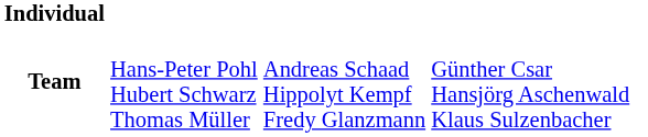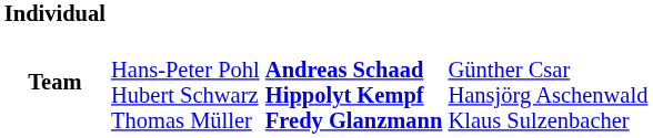 <table>
 <tr>
 <th scope="row">Individual <br></th>
 <td></td>
 <td></td>
 <td></td>
 </tr>
 <tr>
 <th scope="row">Team <br></th>
 <td><br><a href='#'>Hans-Peter Pohl</a><br><a href='#'>Hubert Schwarz</a><br><a href='#'>Thomas Müller</a></td>
-<td><br><a href='#'>Andreas Schaad</a><br><a href='#'>Hippolyt Kempf</a><br><a href='#'>Fredy Glanzmann</a></td>
+<td><strong><br><a href='#'>Andreas Schaad</a><br><a href='#'>Hippolyt Kempf</a><br><a href='#'>Fredy Glanzmann</a></strong></td>
 <td><br><a href='#'>Günther Csar</a><br><a href='#'>Hansjörg Aschenwald</a><br><a href='#'>Klaus Sulzenbacher</a></td>
 </tr>
 </table>
